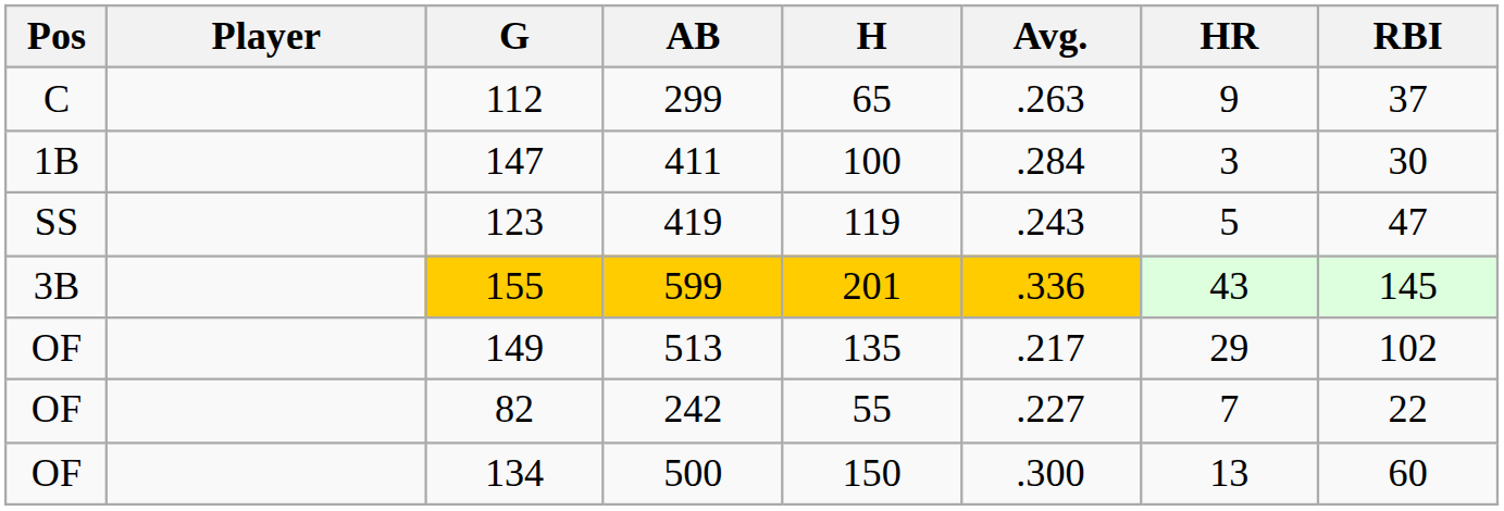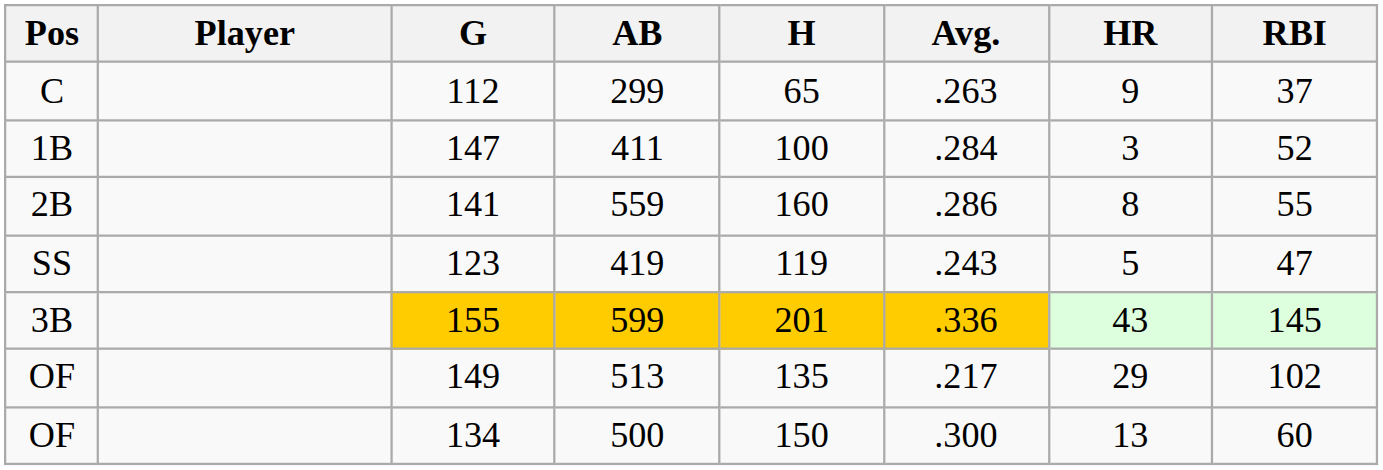 <table class="wikitable sortable">
 <tr>
 <th bgcolor="#DDDDFF" width="5%">Pos</th>
 <th bgcolor="#DDDDFF" width="16%">Player</th>
 <th bgcolor="#DDDDFF" width="9%">G</th>
 <th bgcolor="#DDDDFF" width="9%">AB</th>
 <th bgcolor="#DDDDFF" width="9%">H</th>
 <th bgcolor="#DDDDFF" width="9%">Avg.</th>
 <th bgcolor="#DDDDFF" width="9%">HR</th>
 <th bgcolor="#DDDDFF" width="9%">RBI</th>
 </tr>
 <tr align="center">
 <td>C</td>
 <td></td>
 <td>112</td>
 <td>299</td>
 <td>65</td>
 <td>.263</td>
 <td>9</td>
 <td>37</td>
 </tr>
 <tr align="center">
 <td>1B</td>
 <td></td>
 <td>147</td>
 <td>411</td>
 <td>100</td>
 <td>.284</td>
 <td>3</td>
-<td>30</td>
+<td>52</td>
+</tr>
+<tr align="center">
+<td>2B</td>
+<td></td>
+<td>141</td>
+<td>559</td>
+<td>160</td>
+<td>.286</td>
+<td>8</td>
+<td>55</td>
 </tr>
 <tr align="center">
 <td>SS</td>
 <td></td>
 <td>123</td>
 <td>419</td>
 <td>119</td>
 <td>.243</td>
 <td>5</td>
 <td>47</td>
 </tr>
 <tr align="center">
 <td>3B</td>
 <td></td>
 <td style="background:#fc0;">155</td>
 <td style="background:#fc0;">599</td>
 <td style="background:#fc0;">201</td>
 <td style="background:#fc0;">.336</td>
 <td style="background:#DDFFDD;">43</td>
 <td style="background:#DDFFDD;">145</td>
 </tr>
 <tr align="center">
 <td>OF</td>
 <td></td>
 <td>149</td>
 <td>513</td>
 <td>135</td>
 <td>.217</td>
 <td>29</td>
 <td>102</td>
 </tr>
 <tr align="center">
 <td>OF</td>
 <td></td>
-<td>82</td>
-<td>242</td>
-<td>55</td>
-<td>.227</td>
-<td>7</td>
-<td>22</td>
-</tr>
-<tr align="center">
-<td>OF</td>
-<td></td>
 <td>134</td>
 <td>500</td>
 <td>150</td>
 <td>.300</td>
 <td>13</td>
 <td>60</td>
 </tr>
 </table>
